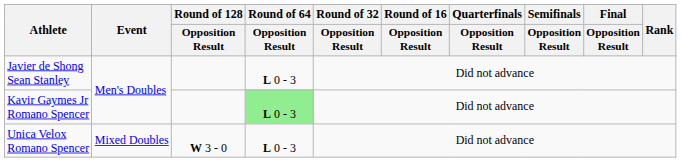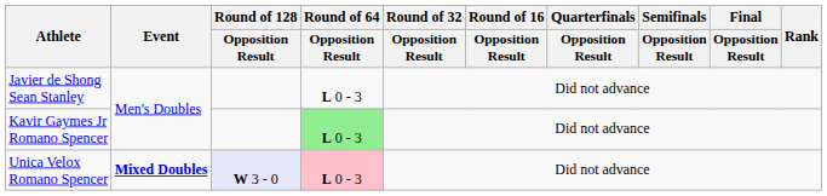 <table class="wikitable" style="font-size:90%">
 <tr>
 <th rowspan=2>Athlete</th>
 <th rowspan=2>Event</th>
 <th>Round of 128</th>
 <th>Round of 64</th>
 <th>Round of 32</th>
 <th>Round of 16</th>
 <th>Quarterfinals</th>
 <th>Semifinals</th>
 <th>Final</th>
 <th rowspan=2>Rank</th>
 </tr>
 <tr style="font-size:95%">
 <th>Opposition<br>Result</th>
 <th>Opposition<br>Result</th>
 <th>Opposition<br>Result</th>
 <th>Opposition<br>Result</th>
 <th>Opposition<br>Result</th>
 <th>Opposition<br>Result</th>
 <th>Opposition<br>Result</th>
 </tr>
 <tr align=center>
 <td align=left><a href='#'>Javier de Shong</a><br><a href='#'>Sean Stanley</a></td>
 <td align=left rowspan=2><a href='#'>Men's Doubles</a></td>
 <td></td>
 <td><br><strong>L</strong> 0 - 3</td>
 <td colspan=6>Did not advance</td>
 </tr>
 <tr align=center>
 <td align=left><a href='#'>Kavir Gaymes Jr</a><br><a href='#'>Romano Spencer</a></td>
 <td></td>
 <td style="background: lightgreen;"><br><strong>L</strong> 0 - 3</td>
 <td colspan=6>Did not advance</td>
 </tr>
 <tr align=center>
 <td align=left><a href='#'>Unica Velox</a><br><a href='#'>Romano Spencer</a></td>
-<td align=left><a href='#'>Mixed Doubles</a></td>
-<td><br><strong>W</strong> 3 - 0</td>
-<td><br><strong>L</strong> 0 - 3</td>
+<td align=left><strong><a href='#'>Mixed Doubles</a></strong></td>
+<td style="background: lavender;"><br><strong>W</strong> 3 - 0</td>
+<td style="background: pink;"><br><strong>L</strong> 0 - 3</td>
 <td colspan=6>Did not advance</td>
 </tr>
 </table>
